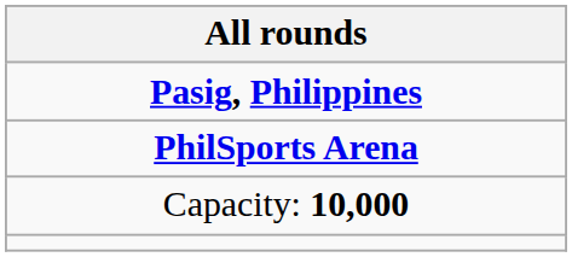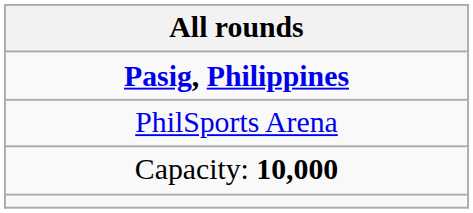 <table class=wikitable style=text-align:center width=250>
 <tr>
 <th>All rounds</th>
 </tr>
 <tr>
 <td><strong> <a href='#'>Pasig</a>, <a href='#'>Philippines</a></strong></td>
 </tr>
 <tr>
-<td><strong><a href='#'>PhilSports Arena</a></strong></td>
+<td><a href='#'>PhilSports Arena</a></td>
 </tr>
 <tr>
 <td>Capacity: <strong>10,000</strong></td>
 </tr>
 <tr>
 <td></td>
 </tr>
 </table>
